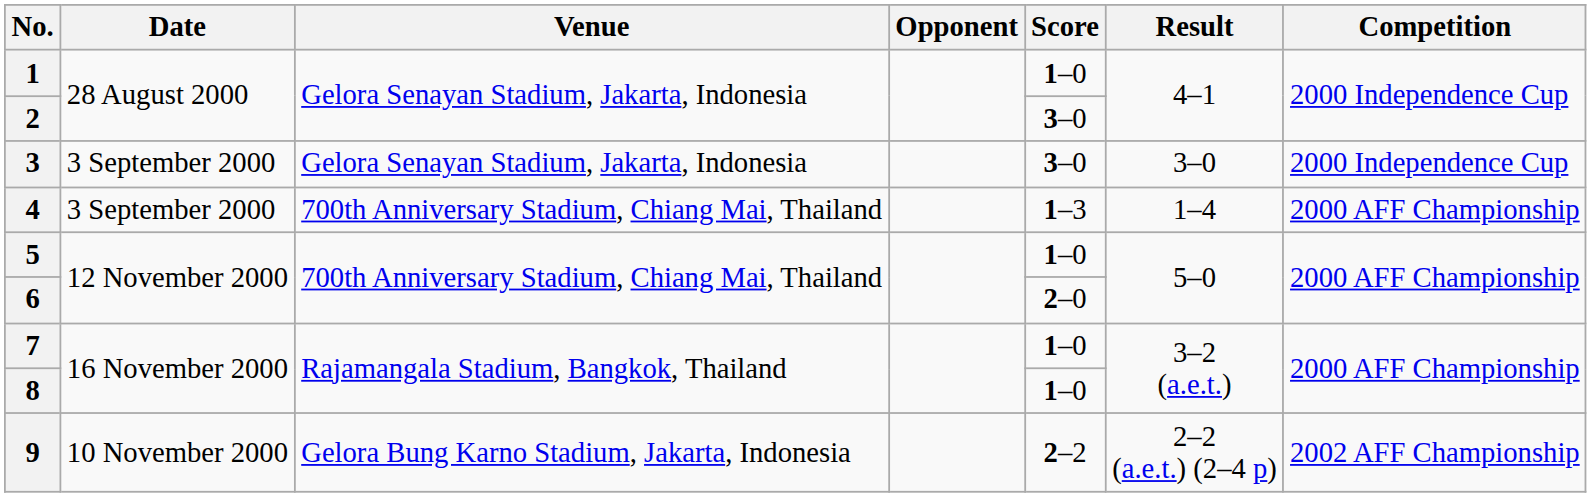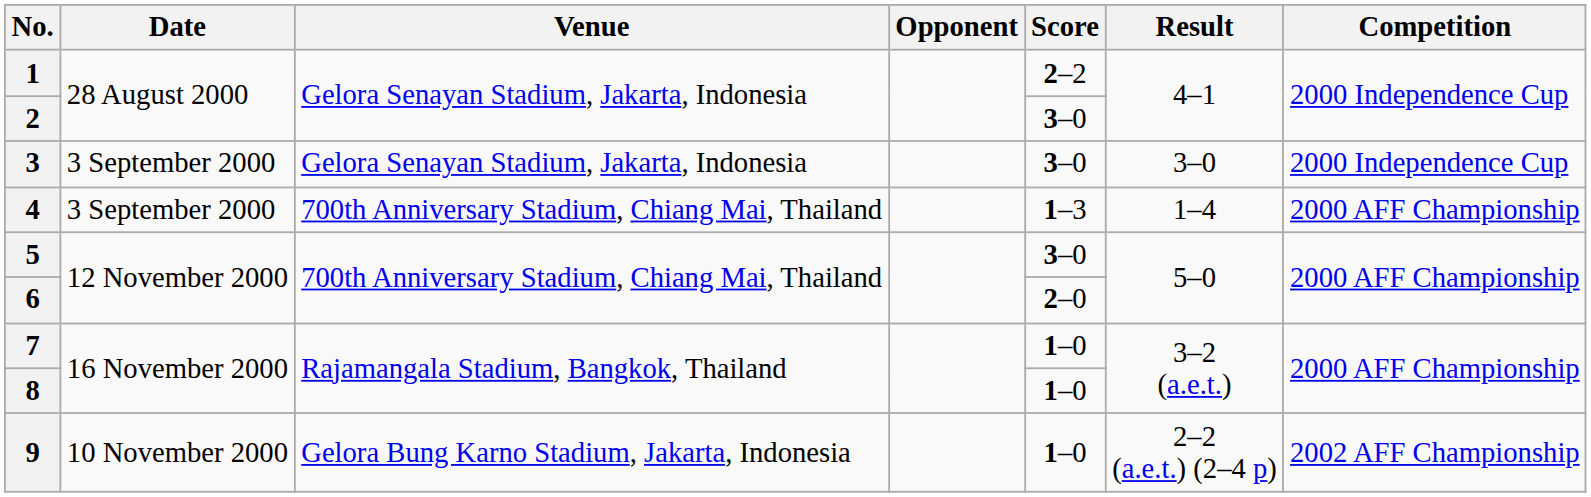 <table class="wikitable sortable">
 <tr>
 <th scope="col">No.</th>
 <th scope="col">Date</th>
 <th scope="col">Venue</th>
 <th scope="col">Opponent</th>
 <th scope="col">Score</th>
 <th scope="col">Result</th>
 <th scope="col">Competition</th>
 </tr>
 <tr>
 <th scope="row">1</th>
 <td rowspan="2">28 August 2000</td>
 <td rowspan="2"><a href='#'>Gelora Senayan Stadium</a>, <a href='#'>Jakarta</a>, Indonesia</td>
 <td rowspan="2"></td>
-<td style="text-align:center"><strong>1</strong>–0</td>
+<td style="text-align:center"><strong>2</strong>–2</td>
 <td rowspan="2" style="text-align:center">4–1</td>
 <td rowspan="2"><a href='#'>2000 Independence Cup</a></td>
 </tr>
 <tr>
 <th scope="row">2</th>
 <td style="text-align:center"><strong>3</strong>–0</td>
 </tr>
 <tr>
 <th scope="row">3</th>
 <td>3 September 2000</td>
 <td><a href='#'>Gelora Senayan Stadium</a>, <a href='#'>Jakarta</a>, Indonesia</td>
 <td></td>
 <td style="text-align:center"><strong>3</strong>–0</td>
 <td style="text-align:center">3–0</td>
 <td><a href='#'>2000 Independence Cup</a></td>
 </tr>
 <tr>
 <th scope="row">4</th>
 <td>3 September 2000</td>
 <td><a href='#'>700th Anniversary Stadium</a>, <a href='#'>Chiang Mai</a>, Thailand</td>
 <td></td>
 <td style="text-align:center"><strong>1</strong>–3</td>
 <td style="text-align:center">1–4</td>
 <td><a href='#'>2000 AFF Championship</a></td>
 </tr>
 <tr>
 <th scope="row">5</th>
 <td rowspan="2">12 November 2000</td>
 <td rowspan="2"><a href='#'>700th Anniversary Stadium</a>, <a href='#'>Chiang Mai</a>, Thailand</td>
 <td rowspan="2"></td>
-<td style="text-align:center"><strong>1</strong>–0</td>
+<td style="text-align:center"><strong>3</strong>–0</td>
 <td rowspan="2" style="text-align:center">5–0</td>
 <td rowspan="2"><a href='#'>2000 AFF Championship</a></td>
 </tr>
 <tr>
 <th scope="row">6</th>
 <td style="text-align:center"><strong>2</strong>–0</td>
 </tr>
 <tr>
 <th scope="row">7</th>
 <td rowspan="2">16 November 2000</td>
 <td rowspan="2"><a href='#'>Rajamangala Stadium</a>, <a href='#'>Bangkok</a>, Thailand</td>
 <td rowspan="2"></td>
 <td style="text-align:center"><strong>1</strong>–0</td>
 <td rowspan="2" style="text-align:center">3–2<br>(<a href='#'>a.e.t.</a>)</td>
 <td rowspan="2"><a href='#'>2000 AFF Championship</a></td>
 </tr>
 <tr>
 <th scope="row">8</th>
 <td style="text-align:center"><strong>1</strong>–0</td>
 </tr>
 <tr>
 <th scope="row">9</th>
 <td>10 November 2000</td>
 <td><a href='#'>Gelora Bung Karno Stadium</a>, <a href='#'>Jakarta</a>, Indonesia</td>
 <td></td>
-<td style="text-align:center"><strong>2</strong>–2</td>
+<td style="text-align:center"><strong>1</strong>–0</td>
 <td style="text-align:center">2–2<br>(<a href='#'>a.e.t.</a>) (2–4 <a href='#'>p</a>)</td>
 <td><a href='#'>2002 AFF Championship</a></td>
 </tr>
 </table>
